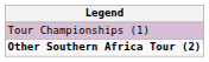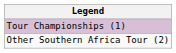 <table class="wikitable" style="font-size:95%;">
 <tr>
 <th>Legend</th>
 </tr>
 <tr style="background:thistle;">
 <td>Tour Championships (1)</td>
 </tr>
 <tr>
-<td><strong>Other Southern Africa Tour (2)</strong></td>
+<td>Other Southern Africa Tour (2)</td>
 </tr>
 </table>
